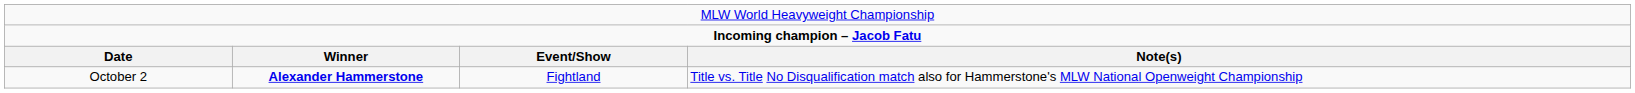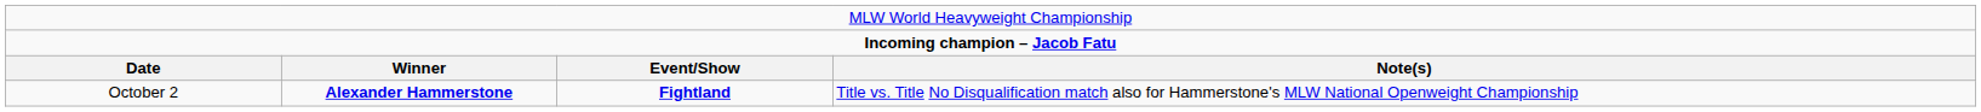 <table class="wikitable" style="text-align:center; width:100%;">
 <tr>
 <td colspan="4" style="text-align: center;"><a href='#'>MLW World Heavyweight Championship</a></td>
 </tr>
 <tr>
 <td colspan="4" style="text-align: center;"><strong>Incoming champion – <a href='#'>Jacob Fatu</a></strong></td>
 </tr>
 <tr>
 <th width=14%>Date</th>
 <th width=14%>Winner</th>
 <th width=14%>Event/Show</th>
 <th width=58%>Note(s)</th>
 </tr>
 <tr>
 <td>October 2</td>
 <td><strong><a href='#'>Alexander Hammerstone</a></strong></td>
-<td><a href='#'>Fightland</a></td>
+<td><strong><a href='#'>Fightland</a></strong></td>
 <td align=left><a href='#'>Title vs. Title</a> <a href='#'>No Disqualification match</a> also for Hammerstone's <a href='#'>MLW National Openweight Championship</a></td>
 </tr>
 </table>
